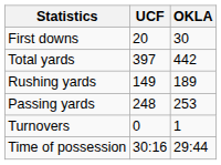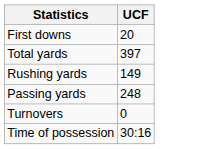 <table class="wikitable" style="float: left;">
 <tr>
 <th>Statistics</th>
 <th>UCF</th>
-<th>OKLA</th>
 </tr>
 <tr>
 <td>First downs</td>
 <td>20</td>
-<td>30</td>
 </tr>
 <tr>
 <td>Total yards</td>
 <td>397</td>
-<td>442</td>
 </tr>
 <tr>
 <td>Rushing yards</td>
 <td>149</td>
-<td>189</td>
 </tr>
 <tr>
 <td>Passing yards</td>
 <td>248</td>
-<td>253</td>
 </tr>
 <tr>
 <td>Turnovers</td>
 <td>0</td>
-<td>1</td>
 </tr>
 <tr>
 <td>Time of possession</td>
 <td>30:16</td>
-<td>29:44</td>
 </tr>
 </table>
